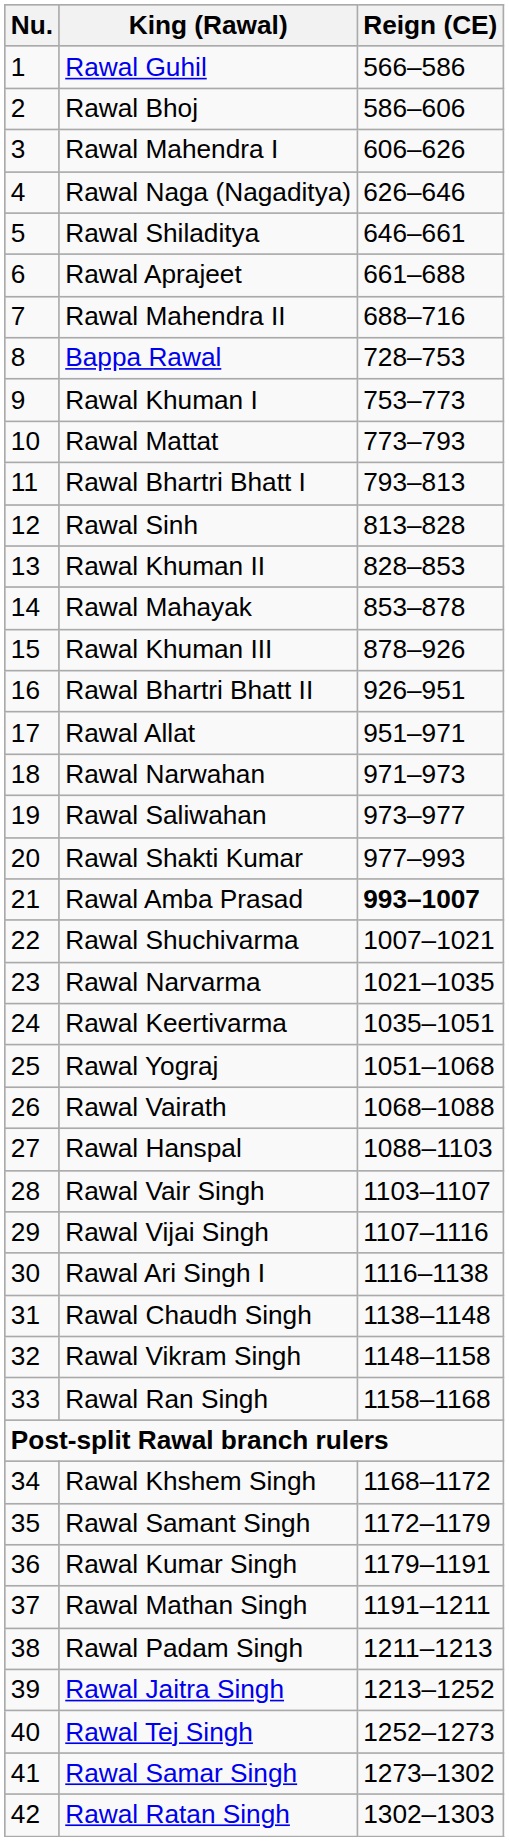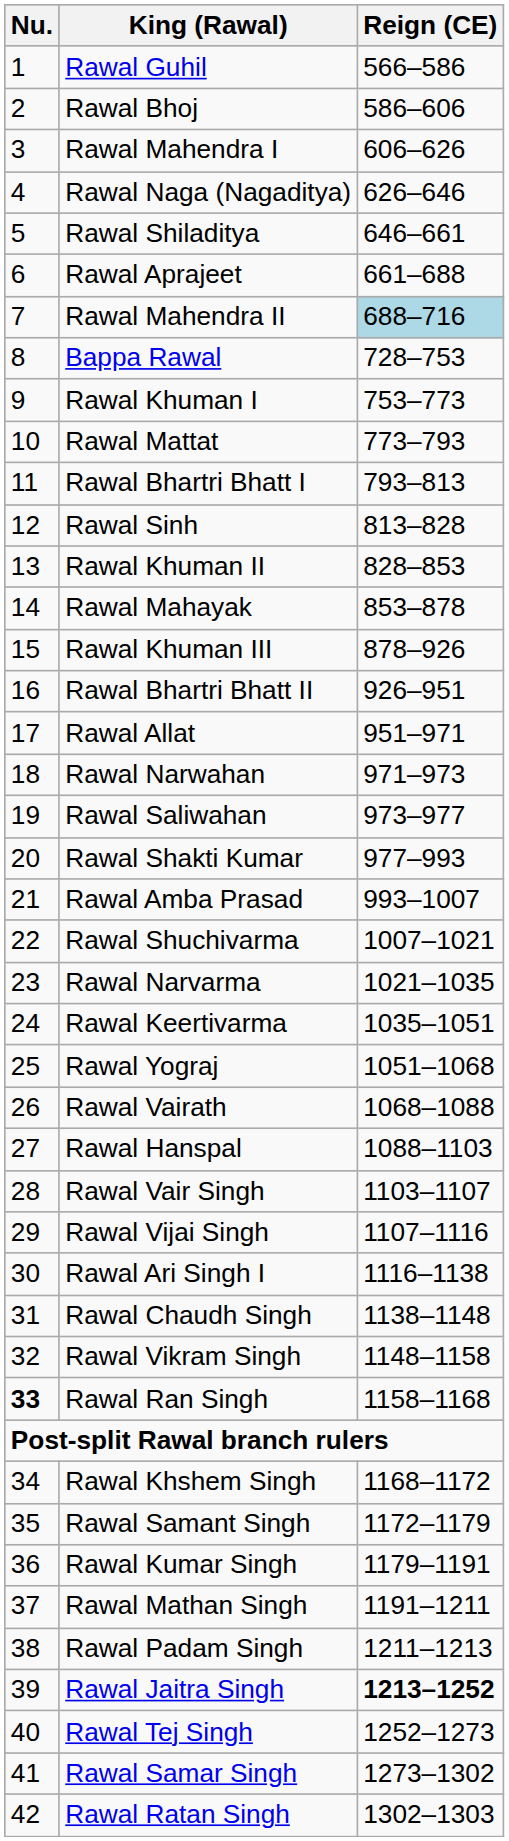 <table class="wikitable">
 <tr>
 <th>Nu.</th>
 <th>King (Rawal)</th>
 <th>Reign (CE)</th>
 </tr>
 <tr>
 <td>1</td>
 <td><a href='#'>Rawal Guhil</a></td>
 <td>566–586</td>
 </tr>
 <tr>
 <td>2</td>
 <td>Rawal Bhoj</td>
 <td>586–606</td>
 </tr>
 <tr>
 <td>3</td>
 <td>Rawal Mahendra I</td>
 <td>606–626</td>
 </tr>
 <tr>
 <td>4</td>
 <td>Rawal Naga (Nagaditya)</td>
 <td>626–646</td>
 </tr>
 <tr>
 <td>5</td>
 <td>Rawal Shiladitya</td>
 <td>646–661</td>
 </tr>
 <tr>
 <td>6</td>
 <td>Rawal Aprajeet</td>
 <td>661–688</td>
 </tr>
 <tr>
 <td>7</td>
 <td>Rawal Mahendra II</td>
-<td>688–716</td>
+<td style="background: lightblue;">688–716</td>
 </tr>
 <tr>
 <td>8</td>
 <td><a href='#'>Bappa Rawal</a></td>
 <td>728–753</td>
 </tr>
 <tr>
 <td>9</td>
 <td>Rawal Khuman I</td>
 <td>753–773</td>
 </tr>
 <tr>
 <td>10</td>
 <td>Rawal Mattat</td>
 <td>773–793</td>
 </tr>
 <tr>
 <td>11</td>
 <td>Rawal Bhartri Bhatt I</td>
 <td>793–813</td>
 </tr>
 <tr>
 <td>12</td>
 <td>Rawal Sinh</td>
 <td>813–828</td>
 </tr>
 <tr>
 <td>13</td>
 <td>Rawal Khuman II</td>
 <td>828–853</td>
 </tr>
 <tr>
 <td>14</td>
 <td>Rawal Mahayak</td>
 <td>853–878</td>
 </tr>
 <tr>
 <td>15</td>
 <td>Rawal Khuman III</td>
 <td>878–926</td>
 </tr>
 <tr>
 <td>16</td>
 <td>Rawal Bhartri Bhatt II</td>
 <td>926–951</td>
 </tr>
 <tr>
 <td>17</td>
 <td>Rawal Allat</td>
 <td>951–971</td>
 </tr>
 <tr>
 <td>18</td>
 <td>Rawal Narwahan</td>
 <td>971–973</td>
 </tr>
 <tr>
 <td>19</td>
 <td>Rawal Saliwahan</td>
 <td>973–977</td>
 </tr>
 <tr>
 <td>20</td>
 <td>Rawal Shakti Kumar</td>
 <td>977–993</td>
 </tr>
 <tr>
 <td>21</td>
 <td>Rawal Amba Prasad</td>
-<td><strong>993–1007</strong></td>
+<td>993–1007</td>
 </tr>
 <tr>
 <td>22</td>
 <td>Rawal Shuchivarma</td>
 <td>1007–1021</td>
 </tr>
 <tr>
 <td>23</td>
 <td>Rawal Narvarma</td>
 <td>1021–1035</td>
 </tr>
 <tr>
 <td>24</td>
 <td>Rawal Keertivarma</td>
 <td>1035–1051</td>
 </tr>
 <tr>
 <td>25</td>
 <td>Rawal Yograj</td>
 <td>1051–1068</td>
 </tr>
 <tr>
 <td>26</td>
 <td>Rawal Vairath</td>
 <td>1068–1088</td>
 </tr>
 <tr>
 <td>27</td>
 <td>Rawal Hanspal</td>
 <td>1088–1103</td>
 </tr>
 <tr>
 <td>28</td>
 <td>Rawal Vair Singh</td>
 <td>1103–1107</td>
 </tr>
 <tr>
 <td>29</td>
 <td>Rawal Vijai Singh</td>
 <td>1107–1116</td>
 </tr>
 <tr>
 <td>30</td>
 <td>Rawal Ari Singh I</td>
 <td>1116–1138</td>
 </tr>
 <tr>
 <td>31</td>
 <td>Rawal Chaudh Singh</td>
 <td>1138–1148</td>
 </tr>
 <tr>
 <td>32</td>
 <td>Rawal Vikram Singh</td>
 <td>1148–1158</td>
 </tr>
 <tr>
-<td>33</td>
+<td><strong>33</strong></td>
 <td>Rawal Ran Singh</td>
 <td>1158–1168</td>
 </tr>
 <tr>
 <td colspan="4"><strong>Post-split Rawal branch rulers</strong></td>
 </tr>
 <tr>
 <td>34</td>
 <td>Rawal Khshem Singh</td>
 <td>1168–1172</td>
 </tr>
 <tr>
 <td>35</td>
 <td>Rawal Samant Singh</td>
 <td>1172–1179</td>
 </tr>
 <tr>
 <td>36</td>
 <td>Rawal Kumar Singh</td>
 <td>1179–1191</td>
 </tr>
 <tr>
 <td>37</td>
 <td>Rawal Mathan Singh</td>
 <td>1191–1211</td>
 </tr>
 <tr>
 <td>38</td>
 <td>Rawal Padam Singh</td>
 <td>1211–1213</td>
 </tr>
 <tr>
 <td>39</td>
 <td><a href='#'>Rawal Jaitra Singh</a></td>
-<td>1213–1252</td>
+<td><strong>1213–1252</strong></td>
 </tr>
 <tr>
 <td>40</td>
 <td><a href='#'>Rawal Tej Singh</a></td>
 <td>1252–1273</td>
 </tr>
 <tr>
 <td>41</td>
 <td><a href='#'>Rawal Samar Singh</a></td>
 <td>1273–1302</td>
 </tr>
 <tr>
 <td>42</td>
 <td><a href='#'>Rawal Ratan Singh</a></td>
 <td>1302–1303</td>
 </tr>
 <tr>
 </tr>
 </table>
